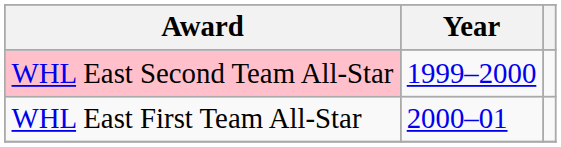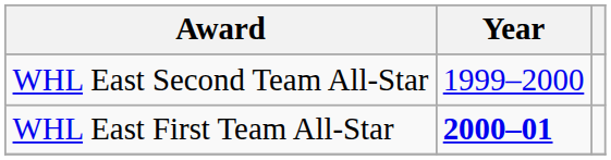 <table class="wikitable">
 <tr>
 <th>Award</th>
 <th>Year</th>
 <th></th>
 </tr>
 <tr>
-<td style="background: pink;"><a href='#'>WHL</a> East Second Team All-Star</td>
+<td><a href='#'>WHL</a> East Second Team All-Star</td>
 <td><a href='#'>1999–2000</a></td>
 <td></td>
 </tr>
 <tr>
 <td><a href='#'>WHL</a> East First Team All-Star</td>
-<td><a href='#'>2000–01</a></td>
+<td><strong><a href='#'>2000–01</a></strong></td>
 <td></td>
 </tr>
 <tr>
 </tr>
 </table>
